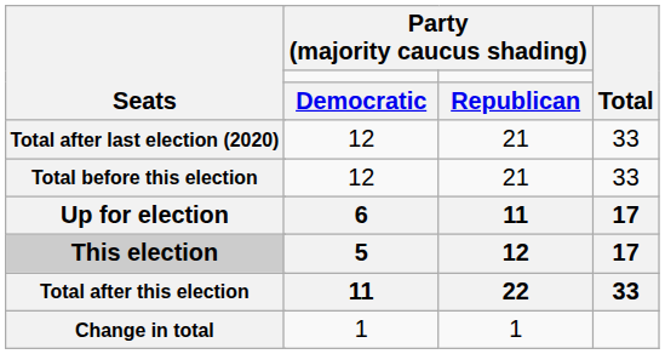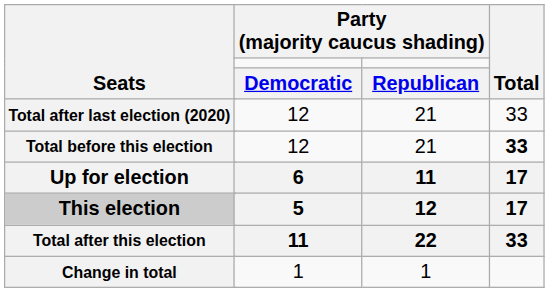 <table class=wikitable style="text-align:center">
 <tr style="vertical-align:bottom;">
 <th rowspan=3 colspan=2>Seats</th>
 <th colspan=2>Party <div>(majority caucus shading)</div></th>
 <th rowspan=3>Total</th>
 </tr>
 <tr style="height:5px">
 <td style="background-color:"></td>
 <td style="background-color:"></td>
 </tr>
 <tr>
 <th><a href='#'>Democratic</a></th>
 <th><a href='#'>Republican</a></th>
 </tr>
 <tr>
 <th nowrap style="font-size:80%" colspan=2>Total after last election (2020)</th>
 <td>12</td>
 <td>21</td>
 <td>33</td>
 </tr>
 <tr>
 <th nowrap style="font-size:80%" colspan=2>Total before this election</th>
 <td>12</td>
 <td>21</td>
-<td>33</td>
+<td><strong>33</strong></td>
 </tr>
 <tr>
 <th colspan=2>Up for election</th>
 <th>6</th>
 <th>11</th>
 <th>17</th>
 </tr>
 <tr>
 <th nowrap style="background:#ccc" colspan=2>This election</th>
 <th>5</th>
 <th>12</th>
 <th>17</th>
 </tr>
 <tr>
 <th nowrap style="font-size:80%" colspan=2>Total after this election</th>
 <th>11</th>
 <th>22</th>
 <th>33</th>
 </tr>
 <tr>
 <th nowrap style="font-size:80%"  colspan=2>Change in total</th>
 <td> 1</td>
 <td> 1</td>
 <td></td>
 </tr>
 </table>
